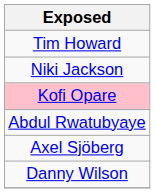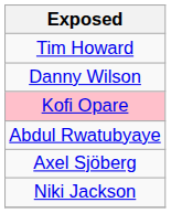 <table class="wikitable" style="text-align:center">
 <tr>
 <th>Exposed</th>
 </tr>
 <tr>
 <td><a href='#'>Tim Howard</a></td>
 </tr>
 <tr>
-<td><a href='#'>Niki Jackson</a></td>
+<td><a href='#'>Danny Wilson</a></td>
 </tr>
 <tr>
 <td style="background: pink;"><a href='#'>Kofi Opare</a></td>
 </tr>
 <tr>
 <td><a href='#'>Abdul Rwatubyaye</a></td>
 </tr>
 <tr>
 <td><a href='#'>Axel Sjöberg</a></td>
 </tr>
 <tr>
-<td><a href='#'>Danny Wilson</a></td>
+<td><a href='#'>Niki Jackson</a></td>
 </tr>
 <tr>
 </tr>
 </table>
